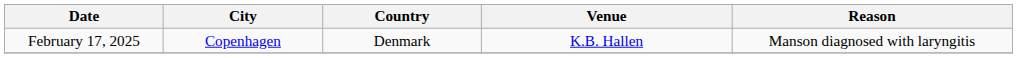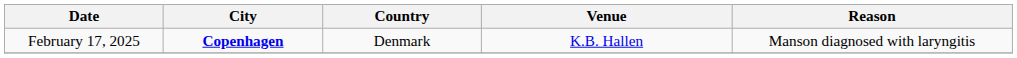 <table class="wikitable" style="text-align:center;">
 <tr>
 <th scope="col" style="width:10em;">Date</th>
 <th scope="col" style="width:10em;">City</th>
 <th scope="col" style="width:10em;">Country</th>
 <th scope="col" style="width:16em;">Venue</th>
 <th scope="col" style="width:18em;">Reason</th>
 </tr>
 <tr>
 <td>February 17, 2025</td>
-<td><a href='#'>Copenhagen</a></td>
+<td><strong><a href='#'>Copenhagen</a></strong></td>
 <td>Denmark</td>
 <td><a href='#'>K.B. Hallen</a></td>
 <td>Manson diagnosed with laryngitis</td>
 </tr>
 <tr>
 </tr>
 </table>
